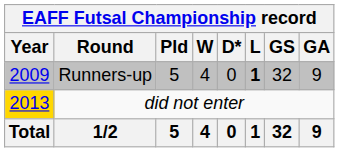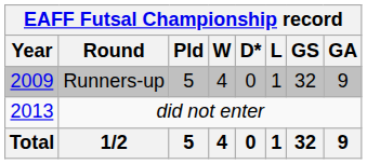 <table class="wikitable" style="text-align: center;font-size:100%;">
 <tr>
 <th colspan=8><a href='#'>EAFF Futsal Championship</a> record</th>
 </tr>
 <tr>
 <th>Year</th>
 <th>Round</th>
 <th>Pld</th>
 <th>W</th>
 <th>D*</th>
 <th>L</th>
 <th>GS</th>
 <th>GA</th>
 </tr>
 <tr bgcolor=silver>
 <td> <a href='#'>2009</a></td>
 <td>Runners-up</td>
 <td>5</td>
 <td>4</td>
 <td>0</td>
-<td><strong>1</strong></td>
+<td>1</td>
 <td>32</td>
 <td>9</td>
 </tr>
 <tr>
-<td style="background: gold;"> <a href='#'>2013</a></td>
+<td> <a href='#'>2013</a></td>
 <td colspan=9><em>did not enter</em></td>
 </tr>
 <tr>
 <th><strong>Total</strong></th>
 <th>1/2</th>
 <th>5</th>
 <th>4</th>
 <th>0</th>
 <th>1</th>
 <th>32</th>
 <th>9</th>
 </tr>
 </table>
